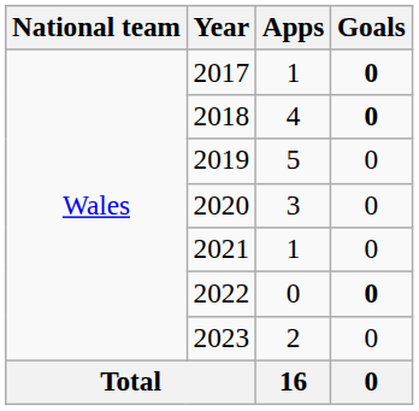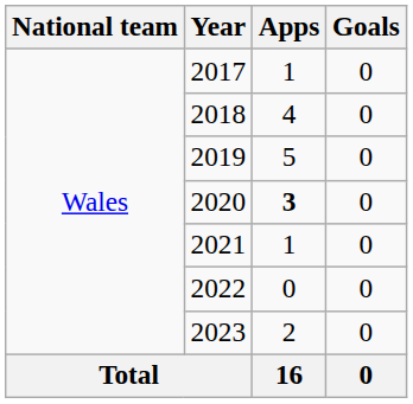 <table class=wikitable style=text-align:center>
 <tr>
 <th>National team</th>
 <th>Year</th>
 <th>Apps</th>
 <th>Goals</th>
 </tr>
 <tr>
 <td rowspan=7><a href='#'>Wales</a></td>
 <td>2017</td>
 <td>1</td>
-<td><strong>0</strong></td>
+<td>0</td>
 </tr>
 <tr>
 <td>2018</td>
 <td>4</td>
-<td><strong>0</strong></td>
+<td>0</td>
 </tr>
 <tr>
 <td>2019</td>
 <td>5</td>
 <td>0</td>
 </tr>
 <tr>
 <td>2020</td>
-<td>3</td>
+<td><strong>3</strong></td>
 <td>0</td>
 </tr>
 <tr>
 <td>2021</td>
 <td>1</td>
 <td>0</td>
 </tr>
 <tr>
 <td>2022</td>
 <td>0</td>
-<td><strong>0</strong></td>
+<td>0</td>
 </tr>
 <tr>
 <td>2023</td>
 <td>2</td>
 <td>0</td>
 </tr>
 <tr>
 <th colspan=2>Total</th>
 <th>16</th>
 <th>0</th>
 </tr>
 </table>
